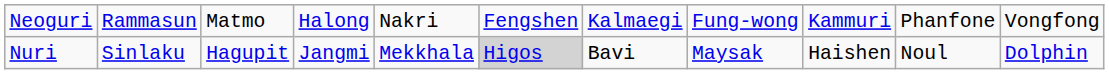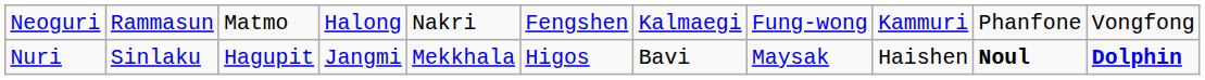 <table class="wikitable">
 <tr>
 <td><a href='#'>Neoguri</a></td>
 <td><a href='#'>Rammasun</a></td>
 <td>Matmo</td>
 <td><a href='#'>Halong</a></td>
 <td>Nakri</td>
 <td><a href='#'>Fengshen</a></td>
 <td><a href='#'>Kalmaegi</a></td>
 <td><a href='#'>Fung-wong</a></td>
 <td><a href='#'>Kammuri</a></td>
 <td>Phanfone</td>
 <td>Vongfong</td>
 </tr>
 <tr>
 <td><a href='#'>Nuri</a></td>
 <td><a href='#'>Sinlaku</a></td>
 <td><a href='#'>Hagupit</a></td>
 <td><a href='#'>Jangmi</a></td>
 <td><a href='#'>Mekkhala</a></td>
-<td style="background: lightgrey;"><a href='#'>Higos</a></td>
+<td><a href='#'>Higos</a></td>
 <td>Bavi</td>
 <td><a href='#'>Maysak</a></td>
 <td>Haishen</td>
-<td>Noul</td>
-<td><a href='#'>Dolphin</a></td>
+<td><strong>Noul</strong></td>
+<td><strong><a href='#'>Dolphin</a></strong></td>
 </tr>
 </table>
